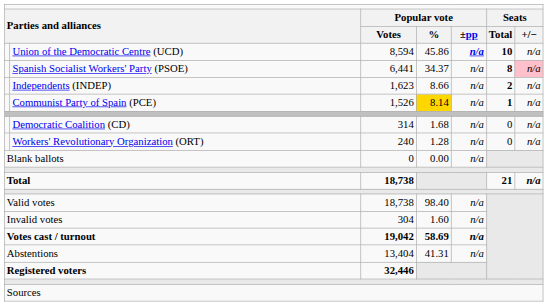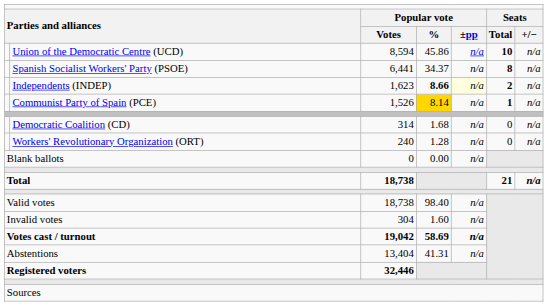 <table class="wikitable" style="text-align:right;">
 <tr>
 <td colspan="7"></td>
 </tr>
 <tr>
 <th style="text-align:left;" rowspan="2" colspan="2" width="525">Parties and alliances</th>
 <th colspan="3">Popular vote</th>
 <th colspan="2">Seats</th>
 </tr>
 <tr>
 <th width="75">Votes</th>
 <th width="45">%</th>
 <th width="45">±<a href='#'>pp</a></th>
 <th width="35">Total</th>
 <th width="35">+/−</th>
 </tr>
 <tr>
 <td width="1" style="color:inherit;background:"></td>
 <td align="left"><a href='#'>Union of the Democratic Centre</a> (UCD)</td>
 <td>8,594</td>
 <td>45.86</td>
-<td><strong><em><a href='#'>n/a</a></em></strong></td>
+<td><em><a href='#'>n/a</a></em></td>
 <td><strong>10</strong></td>
 <td><em>n/a</em></td>
 </tr>
 <tr>
 <td style="color:inherit;background:"></td>
 <td align="left"><a href='#'>Spanish Socialist Workers' Party</a> (PSOE)</td>
 <td>6,441</td>
 <td>34.37</td>
 <td><em>n/a</em></td>
 <td><strong>8</strong></td>
-<td style="background: pink;"><em>n/a</em></td>
+<td><em>n/a</em></td>
 </tr>
 <tr>
 <td style="color:inherit;background:"></td>
 <td align="left"><a href='#'>Independents</a> (INDEP)</td>
 <td>1,623</td>
-<td>8.66</td>
-<td><em>n/a</em></td>
+<td><strong>8.66</strong></td>
+<td style="background: lightyellow;"><em>n/a</em></td>
 <td><strong>2</strong></td>
 <td><em>n/a</em></td>
 </tr>
 <tr>
 <td style="color:inherit;background:"></td>
 <td align="left"><a href='#'>Communist Party of Spain</a> (PCE)</td>
 <td>1,526</td>
 <td style="background: gold;">8.14</td>
 <td><em>n/a</em></td>
 <td><strong>1</strong></td>
 <td><em>n/a</em></td>
 </tr>
 <tr>
 <td colspan="7" bgcolor="#C0C0C0"></td>
 </tr>
 <tr>
 <td style="color:inherit;background:"></td>
 <td align="left"><a href='#'>Democratic Coalition</a> (CD)</td>
 <td>314</td>
 <td>1.68</td>
 <td><em>n/a</em></td>
 <td>0</td>
 <td><em>n/a</em></td>
 </tr>
 <tr>
 <td style="color:inherit;background:"></td>
 <td align="left"><a href='#'>Workers' Revolutionary Organization</a> (ORT)</td>
 <td>240</td>
 <td>1.28</td>
 <td><em>n/a</em></td>
 <td>0</td>
 <td><em>n/a</em></td>
 </tr>
 <tr>
 <td align="left" colspan="2">Blank ballots</td>
 <td>0</td>
 <td>0.00</td>
 <td><em>n/a</em></td>
 <td bgcolor="#E9E9E9" colspan="2"></td>
 </tr>
 <tr>
 <td colspan="7" bgcolor="#E9E9E9"></td>
 </tr>
 <tr style="font-weight:bold;">
 <td align="left" colspan="2">Total</td>
 <td>18,738</td>
 <td bgcolor="#E9E9E9" colspan="2"></td>
 <td>21</td>
 <td><em>n/a</em></td>
 </tr>
 <tr>
 <td colspan="7" bgcolor="#E9E9E9"></td>
 </tr>
 <tr>
 <td align="left" colspan="2">Valid votes</td>
 <td>18,738</td>
 <td>98.40</td>
 <td><em>n/a</em></td>
 <td bgcolor="#E9E9E9" colspan="2" rowspan="5"></td>
 </tr>
 <tr>
 <td align="left" colspan="2">Invalid votes</td>
 <td>304</td>
 <td>1.60</td>
 <td><em>n/a</em></td>
 </tr>
 <tr style="font-weight:bold;">
 <td align="left" colspan="2">Votes cast / turnout</td>
 <td>19,042</td>
 <td>58.69</td>
 <td><em>n/a</em></td>
 </tr>
 <tr>
 <td align="left" colspan="2">Abstentions</td>
 <td>13,404</td>
 <td>41.31</td>
 <td><em>n/a</em></td>
 </tr>
 <tr style="font-weight:bold;">
 <td align="left" colspan="2">Registered voters</td>
 <td>32,446</td>
 <td bgcolor="#E9E9E9" colspan="2"></td>
 </tr>
 <tr>
 <td colspan="7" bgcolor="#E9E9E9"></td>
 </tr>
 <tr>
 <td align="left" colspan="7">Sources</td>
 </tr>
 </table>
